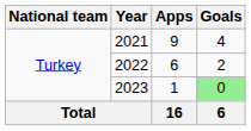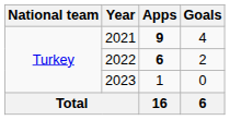 <table class="wikitable" style="text-align:center">
 <tr>
 <th>National team</th>
 <th>Year</th>
 <th>Apps</th>
 <th>Goals</th>
 </tr>
 <tr>
 <td rowspan="3"><a href='#'>Turkey</a></td>
 <td>2021</td>
-<td>9</td>
+<td><strong>9</strong></td>
 <td>4</td>
 </tr>
 <tr>
 <td>2022</td>
-<td>6</td>
+<td><strong>6</strong></td>
 <td>2</td>
 </tr>
 <tr>
 <td>2023</td>
 <td>1</td>
-<td style="background: lightgreen;">0</td>
+<td>0</td>
 </tr>
 <tr>
 <th colspan="2">Total</th>
 <th>16</th>
 <th>6</th>
 </tr>
 </table>
